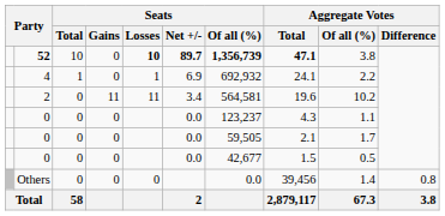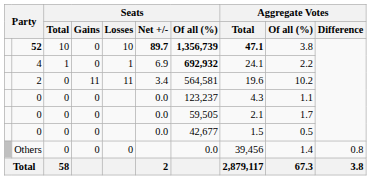 <table class="wikitable sortable" style="text-align:right; font-size:95%;">
 <tr>
 <th colspan="2" rowspan="2">Party</th>
 <th colspan="5">Seats</th>
 <th colspan="3">Aggregate Votes</th>
 </tr>
 <tr>
 <th>Total</th>
 <th>Gains</th>
 <th>Losses</th>
 <th>Net +/-</th>
 <th>Of all (%)</th>
 <th>Total</th>
 <th>Of all (%)</th>
 <th>Difference</th>
 </tr>
 <tr>
 <td></td>
 <td><strong>52</strong></td>
 <td>10</td>
 <td>0</td>
-<td><strong>10</strong></td>
+<td>10</td>
 <td><strong>89.7</strong></td>
 <td><strong>1,356,739</strong></td>
 <td><strong>47.1</strong></td>
 <td>3.8</td>
 </tr>
 <tr>
 <td></td>
 <td>4</td>
 <td>1</td>
 <td>0</td>
 <td>1</td>
 <td>6.9</td>
-<td>692,932</td>
+<td><strong>692,932</strong></td>
 <td>24.1</td>
 <td>2.2</td>
 </tr>
 <tr>
 <td></td>
 <td>2</td>
 <td>0</td>
 <td>11</td>
 <td>11</td>
 <td>3.4</td>
 <td>564,581</td>
 <td>19.6</td>
 <td>10.2</td>
 </tr>
 <tr>
 <td></td>
 <td>0</td>
 <td>0</td>
 <td>0</td>
 <td></td>
 <td>0.0</td>
 <td>123,237</td>
 <td>4.3</td>
 <td>1.1</td>
 </tr>
 <tr>
 <td></td>
 <td>0</td>
 <td>0</td>
 <td>0</td>
 <td></td>
 <td>0.0</td>
 <td>59,505</td>
 <td>2.1</td>
 <td>1.7</td>
 </tr>
 <tr>
 <td></td>
 <td>0</td>
 <td>0</td>
 <td>0</td>
 <td></td>
 <td>0.0</td>
 <td>42,677</td>
 <td>1.5</td>
 <td>0.5</td>
 </tr>
 <tr>
 <td style="background:silver;"> </td>
 <td align=left>Others</td>
 <td>0</td>
 <td>0</td>
 <td>0</td>
 <td></td>
 <td>0.0</td>
 <td>39,456</td>
 <td>1.4</td>
 <td>0.8</td>
 </tr>
 <tr class="sortbottom">
 <th colspan="2" style="background:#f2f2f2"><strong>Total</strong></th>
 <td style="background:#f2f2f2;"><strong>58</strong></td>
 <td style="background:#f2f2f2;"></td>
 <td style="background:#f2f2f2;"></td>
 <td style="background:#f2f2f2;"><strong>2</strong></td>
 <td style="background:#f2f2f2;"></td>
 <td style="background:#f2f2f2;"><strong>2,879,117</strong></td>
 <td style="background:#f2f2f2;"><strong>67.3</strong></td>
 <td style="background:#f2f2f2;"><strong>3.8</strong></td>
 </tr>
 </table>
